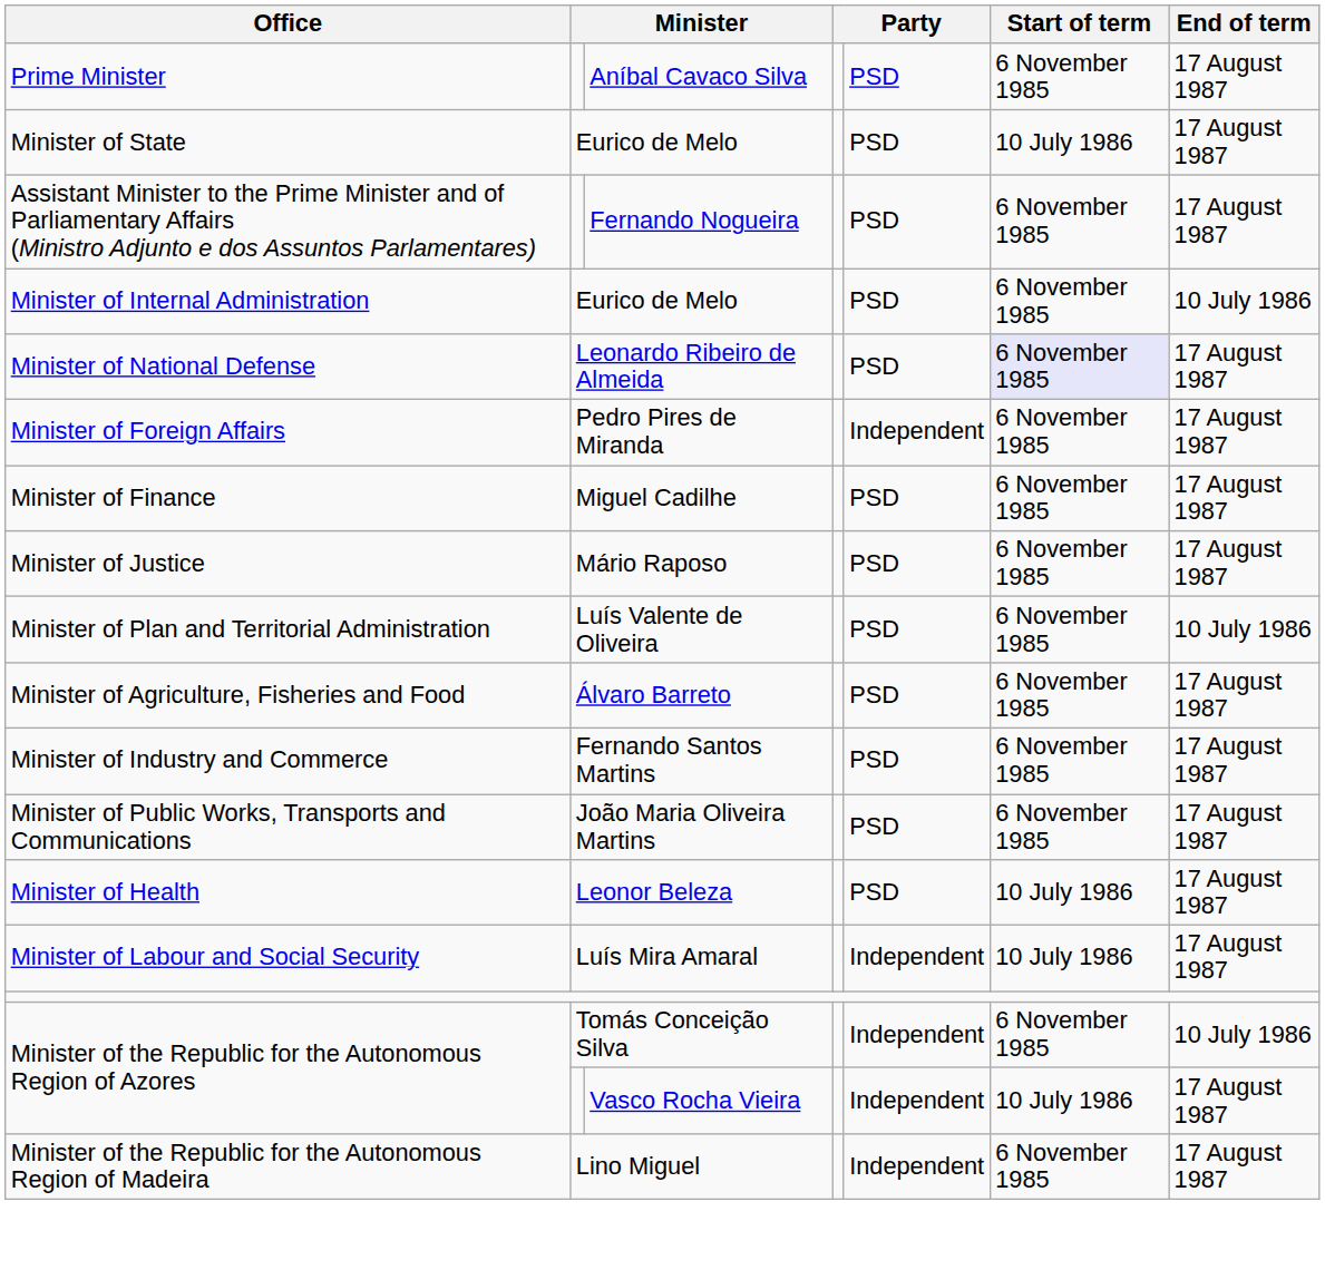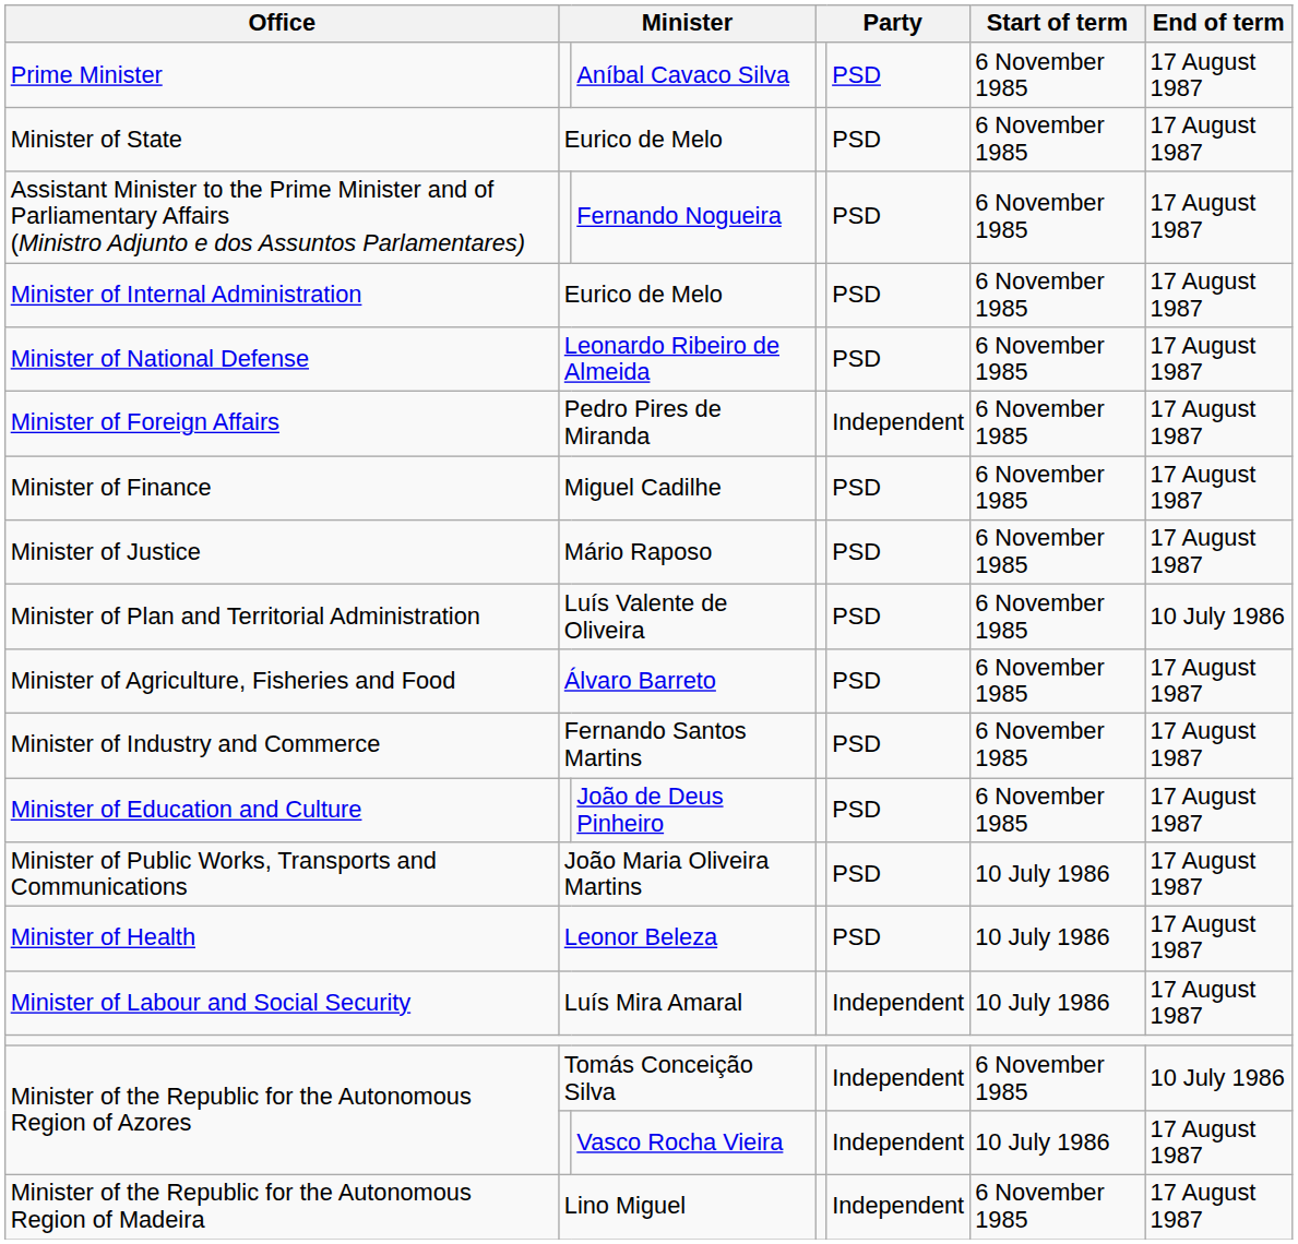 <table class="wikitable">
 <tr>
 <th>Office</th>
 <th colspan="2">Minister</th>
 <th colspan="2">Party</th>
 <th>Start of term</th>
 <th>End of term</th>
 </tr>
 <tr>
 <td><a href='#'>Prime Minister</a></td>
 <td></td>
 <td><a href='#'>Aníbal Cavaco Silva</a></td>
 <td style="background:"></td>
 <td><a href='#'>PSD</a></td>
 <td>6 November 1985</td>
 <td>17 August 1987</td>
 </tr>
 <tr>
 <td>Minister of State</td>
 <td colspan="2">Eurico de Melo</td>
 <td style="background:"></td>
 <td>PSD</td>
-<td>10 July 1986</td>
+<td>6 November 1985</td>
 <td>17 August 1987</td>
 </tr>
 <tr>
 <td>Assistant Minister to the Prime Minister and of Parliamentary Affairs<br>(<em>Ministro Adjunto e dos Assuntos Parlamentares)</em></td>
 <td></td>
 <td><a href='#'>Fernando Nogueira</a></td>
 <td style="background:"></td>
 <td>PSD</td>
 <td>6 November 1985</td>
 <td>17 August 1987</td>
 </tr>
 <tr>
 <td><a href='#'>Minister of Internal Administration</a></td>
 <td colspan="2">Eurico de Melo</td>
 <td style="background:"></td>
 <td>PSD</td>
 <td>6 November 1985</td>
-<td>10 July 1986</td>
+<td>17 August 1987</td>
 </tr>
 <tr>
 <td><a href='#'>Minister of National Defense</a></td>
 <td colspan="2"><a href='#'>Leonardo Ribeiro de Almeida</a></td>
 <td style="background:"></td>
 <td>PSD</td>
-<td style="background: lavender;">6 November 1985</td>
+<td>6 November 1985</td>
 <td>17 August 1987</td>
 </tr>
 <tr>
 <td><a href='#'>Minister of Foreign Affairs</a></td>
 <td colspan="2">Pedro Pires de Miranda</td>
 <td style="background:"></td>
 <td>Independent</td>
 <td>6 November 1985</td>
 <td>17 August 1987</td>
 </tr>
 <tr>
 <td>Minister of Finance</td>
 <td colspan="2">Miguel Cadilhe</td>
 <td style="background:"></td>
 <td>PSD</td>
 <td>6 November 1985</td>
 <td>17 August 1987</td>
 </tr>
 <tr>
 <td>Minister of Justice</td>
 <td colspan="2">Mário Raposo</td>
 <td style="background:"></td>
 <td>PSD</td>
 <td>6 November 1985</td>
 <td>17 August 1987</td>
 </tr>
 <tr>
 <td>Minister of Plan and Territorial Administration</td>
 <td colspan="2">Luís Valente de Oliveira</td>
 <td style="background:"></td>
 <td>PSD</td>
 <td>6 November 1985</td>
 <td>10 July 1986</td>
 </tr>
 <tr>
 <td>Minister of Agriculture, Fisheries and Food</td>
 <td colspan="2"><a href='#'>Álvaro Barreto</a></td>
 <td style="background:"></td>
 <td>PSD</td>
 <td>6 November 1985</td>
 <td>17 August 1987</td>
 </tr>
 <tr>
 <td>Minister of Industry and Commerce</td>
 <td colspan="2">Fernando Santos Martins</td>
 <td style="background:"></td>
 <td>PSD</td>
 <td>6 November 1985</td>
 <td>17 August 1987</td>
 </tr>
 <tr>
+<td><a href='#'>Minister of Education and Culture</a></td>
+<td></td>
+<td><a href='#'>João de Deus Pinheiro</a></td>
+<td style="background:"></td>
+<td>PSD</td>
+<td>6 November 1985</td>
+<td>17 August 1987</td>
+</tr>
+<tr>
 <td>Minister of Public Works, Transports and Communications</td>
 <td colspan="2">João Maria Oliveira Martins</td>
 <td style="background:"></td>
 <td>PSD</td>
-<td>6 November 1985</td>
+<td>10 July 1986</td>
 <td>17 August 1987</td>
 </tr>
 <tr>
 <td><a href='#'>Minister of Health</a></td>
 <td colspan="2"><a href='#'>Leonor Beleza</a></td>
 <td style="background:"></td>
 <td>PSD</td>
 <td>10 July 1986</td>
 <td>17 August 1987</td>
 </tr>
 <tr>
 <td><a href='#'>Minister of Labour and Social Security</a></td>
 <td colspan="2">Luís Mira Amaral</td>
 <td style="background:"></td>
 <td>Independent</td>
 <td>10 July 1986</td>
 <td>17 August 1987</td>
 </tr>
 <tr>
 <td colspan="7"></td>
 </tr>
 <tr>
 <td rowspan="2">Minister of the Republic for the Autonomous Region of Azores</td>
 <td colspan="2">Tomás Conceição Silva</td>
 <td style="background:"></td>
 <td>Independent</td>
 <td>6 November 1985</td>
 <td>10 July 1986</td>
 </tr>
 <tr>
 <td></td>
 <td><a href='#'>Vasco Rocha Vieira</a></td>
 <td style="background:"></td>
 <td>Independent</td>
 <td>10 July 1986</td>
 <td>17 August 1987</td>
 </tr>
 <tr>
 <td>Minister of the Republic for the Autonomous Region of Madeira</td>
 <td colspan="2">Lino Miguel</td>
 <td style="background:"></td>
 <td>Independent</td>
 <td>6 November 1985</td>
 <td>17 August 1987</td>
 </tr>
 </table>
